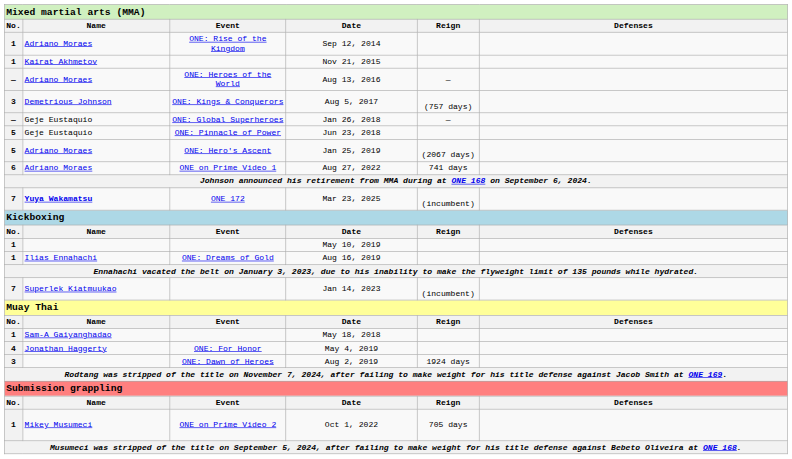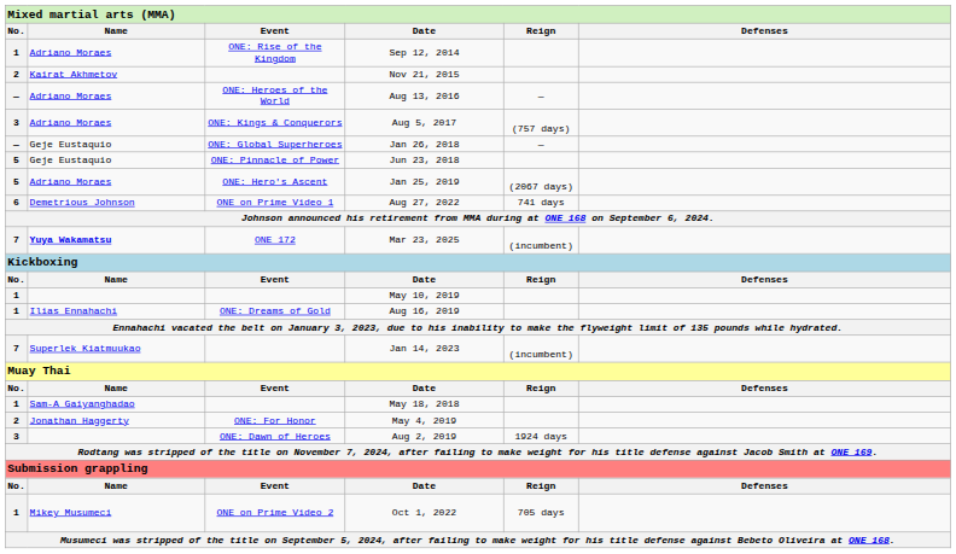 <table class="wikitable" width=100%>
 <tr>
 <td align=left colspan="6" bgcolor="#D0F0C0"><big><strong>Mixed martial arts (MMA)</strong></big></td>
 </tr>
 <tr>
 <th width=1%>No.</th>
 <th width=19%>Name</th>
 <th width=15%>Event</th>
 <th width=17%>Date</th>
 <th width=8%>Reign</th>
 <th width=40%>Defenses</th>
 </tr>
 <tr>
 <th>1</th>
 <td> <a href='#'>Adriano Moraes</a><br></td>
 <td align=center><a href='#'>ONE: Rise of the Kingdom</a><br></td>
 <td align=center>Sep 12, 2014</td>
 <td align=center></td>
 <td><br></td>
 </tr>
 <tr>
-<th>1</th>
+<th>2</th>
 <td> <a href='#'>Kairat Akhmetov</a></td>
 <td align=center><br></td>
 <td align=center>Nov 21, 2015</td>
 <td align=center></td>
 <td></td>
 </tr>
 <tr>
 <th>—</th>
 <td> <a href='#'>Adriano Moraes</a><br></td>
 <td align=center><a href='#'>ONE: Heroes of the World</a><br></td>
 <td align=center>Aug 13, 2016</td>
 <td align=center>—</td>
 <td></td>
 </tr>
 <tr>
 <th>3</th>
-<td> <a href='#'>Demetrious Johnson</a></td>
+<td> <a href='#'>Adriano Moraes</a> </td>
 <td align=center><a href='#'>ONE: Kings & Conquerors</a><br></td>
 <td align=center>Aug 5, 2017</td>
 <td align=center><br> (757 days)</td>
 <td><br></td>
 </tr>
 <tr>
 <th>—</th>
 <td> Geje Eustaquio<br></td>
 <td align=center><a href='#'>ONE: Global Superheroes</a><br></td>
 <td align=center>Jan 26, 2018</td>
 <td align=center>—</td>
 <td></td>
 </tr>
 <tr>
 <th>5</th>
 <td> Geje Eustaquio</td>
 <td align=center><a href='#'>ONE: Pinnacle of Power</a><br></td>
 <td align=center>Jun 23, 2018</td>
 <td align=center></td>
 <td></td>
 </tr>
 <tr>
 <th>5</th>
 <td> <a href='#'>Adriano Moraes</a> </td>
 <td align=center><a href='#'>ONE: Hero's Ascent</a><br></td>
 <td align=center>Jan 25, 2019</td>
 <td align=center><br>(2067 days)</td>
 <td><br></td>
 </tr>
 <tr>
 <th>6</th>
-<td> <a href='#'>Adriano Moraes</a> </td>
+<td> <a href='#'>Demetrious Johnson</a></td>
 <td align=center><a href='#'>ONE on Prime Video 1</a><br></td>
 <td align=center>Aug 27, 2022</td>
 <td align=center>741 days</td>
 <td><br></td>
 </tr>
 <tr>
 <th colspan=8 align=center><em>Johnson announced his retirement from MMA during at <a href='#'>ONE 168</a> on September 6, 2024.</em></th>
 </tr>
 <tr>
 <th>7</th>
 <td><strong> <a href='#'>Yuya Wakamatsu</a> <br> </strong></td>
 <td align=center><a href='#'>ONE 172</a><br></td>
 <td align=center>Mar 23, 2025</td>
 <td align=center><br>(incumbent)<br></td>
 <td></td>
 </tr>
 <tr>
 <td align=left colspan="6" bgcolor="#ADD8E6"><big><strong>Kickboxing</strong></big></td>
 </tr>
 <tr>
 <th width=1%>No.</th>
 <th width=19%>Name</th>
 <th width=15%>Event</th>
 <th width=17%>Date</th>
 <th width=8%>Reign</th>
 <th width=40%>Defenses</th>
 </tr>
 <tr>
 <th>1</th>
 <td><br></td>
 <td align=center><br></td>
 <td align=center>May 10, 2019</td>
 <td align=center></td>
 <td></td>
 </tr>
 <tr>
 <th>1</th>
 <td> <a href='#'>Ilias Ennahachi</a></td>
 <td align=center><a href='#'>ONE: Dreams of Gold</a><br></td>
 <td align=center>Aug 16, 2019</td>
 <td align=center></td>
 <td></td>
 </tr>
 <tr>
 <th colspan=8 align=center><em>Ennahachi vacated the belt on January 3, 2023, due to his inability to make the flyweight limit of 135 pounds while hydrated.</em></th>
 </tr>
 <tr>
 <th>7</th>
 <td> <a href='#'>Superlek Kiatmuukao</a><br></td>
 <td align=center><br></td>
 <td align=center>Jan 14, 2023</td>
 <td align=center><br>(incumbent)<br></td>
 <td><br></td>
 </tr>
 <tr>
 <td align=left colspan="6" bgcolor="#FFFF99"><big><strong>Muay Thai</strong></big></td>
 </tr>
 <tr>
 <th width=1%>No.</th>
 <th width=19%>Name</th>
 <th width=15%>Event</th>
 <th width=17%>Date</th>
 <th width=8%>Reign</th>
 <th width=40%>Defenses</th>
 </tr>
 <tr>
 <th>1</th>
 <td> <a href='#'>Sam-A Gaiyanghadao</a><br></td>
 <td align=center><br></td>
 <td align=center>May 18, 2018</td>
 <td align=center></td>
 <td></td>
 </tr>
 <tr>
-<th>4</th>
+<th>2</th>
 <td> <a href='#'>Jonathan Haggerty</a></td>
 <td align=center><a href='#'>ONE: For Honor</a><br></td>
 <td align=center>May 4, 2019</td>
 <td align=center></td>
 <td></td>
 </tr>
 <tr>
 <th>3</th>
 <td></td>
 <td align=center><a href='#'>ONE: Dawn of Heroes</a><br></td>
 <td align=center>Aug 2, 2019</td>
 <td align=center>1924 days</td>
 <td><br></td>
 </tr>
 <tr>
 <th colspan=8 align=center><em>Rodtang was stripped of the title on November 7, 2024, after failing to make weight for his title defense against Jacob Smith at <a href='#'>ONE 169</a></em>.</th>
 </tr>
 <tr>
 <td align=left colspan="6" bgcolor="#FF7F7F"><big><strong>Submission grappling</strong></big></td>
 </tr>
 <tr>
 <th width=1%>No.</th>
 <th width=19%>Name</th>
 <th width=15%>Event</th>
 <th width=17%>Date</th>
 <th width=8%>Reign</th>
 <th width=40%>Defenses</th>
 </tr>
 <tr>
 <th>1</th>
 <td> <a href='#'>Mikey Musumeci</a> <br></td>
 <td align=center><a href='#'>ONE on Prime Video 2</a><br></td>
 <td align=center>Oct 1, 2022</td>
 <td align=center>705 days</td>
 <td><br><br> <br> </td>
 </tr>
 <tr>
 <th colspan=8 align=center><em>Musumeci was stripped of the title on September 5, 2024, after failing to make weight for his title defense against Bebeto Oliveira at <a href='#'>ONE 168</a>.</em></th>
 </tr>
 </table>
